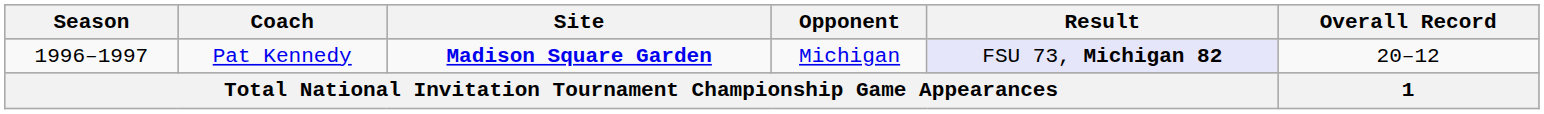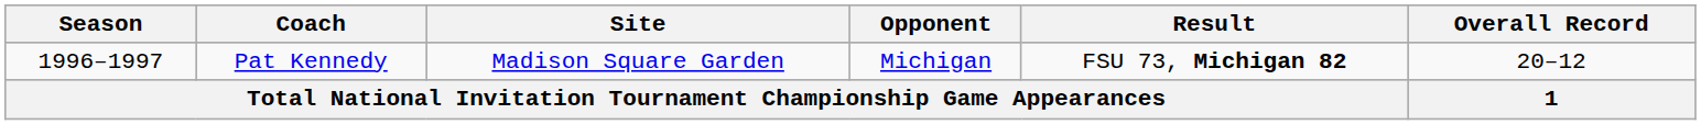 <table cellpadding="1" style="width:75%;" class="wikitable" style="text-align:center">
 <tr>
 <th>Season</th>
 <th>Coach</th>
 <th>Site</th>
 <th>Opponent</th>
 <th>Result</th>
 <th>Overall Record</th>
 </tr>
 <tr style="text-align:center;">
 <td>1996–1997</td>
 <td><a href='#'>Pat Kennedy</a></td>
-<td><strong><a href='#'>Madison Square Garden</a></strong></td>
+<td><a href='#'>Madison Square Garden</a></td>
 <td><a href='#'>Michigan</a></td>
-<td style="background: lavender;">FSU 73, <strong>Michigan 82</strong></td>
+<td>FSU 73, <strong>Michigan 82</strong></td>
 <td>20–12</td>
 </tr>
 <tr style="text-align:center;" class="sortbottom">
 <th colspan="5;">Total National Invitation Tournament Championship Game Appearances</th>
 <th colspan="1;">1</th>
 </tr>
 </table>
